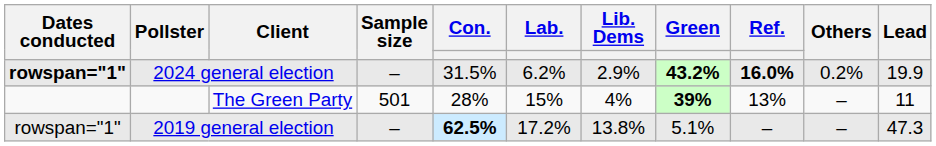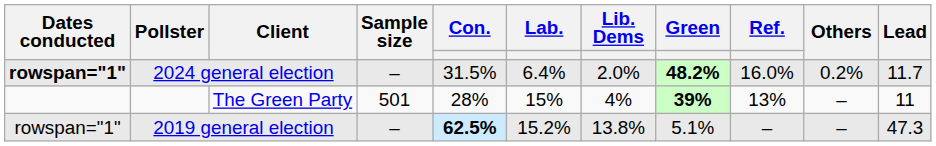 <table class="wikitable sortable mw-datatable" style="text-align:center; font-size:90%; line-height:14px;">
 <tr>
 <th rowspan="2">Dates<br>conducted</th>
 <th rowspan="2">Pollster</th>
 <th rowspan="2">Client</th>
 <th rowspan="2" data-sort-type="number">Sample<br>size</th>
 <th class="unsortable" style="width:50px;"><a href='#'>Con.</a></th>
 <th class="unsortable" style="width:50px;"><a href='#'>Lab.</a></th>
 <th class="unsortable" style="width:50px;"><a href='#'>Lib. Dems</a></th>
 <th class="unsortable" style="width:50px;"><a href='#'>Green</a></th>
 <th class="unsortable" style="width:50px;"><a href='#'>Ref.</a></th>
 <th rowspan="2" class="unsortable" style="width:50px;">Others</th>
 <th rowspan="2" data-sort-type="number">Lead</th>
 </tr>
 <tr>
 <th data-sort-type="number" style="background:"></th>
 <th data-sort-type="number" style="background:"></th>
 <th data-sort-type="number" style="background:"></th>
 <th data-sort-type="number" style="background:"></th>
 <th data-sort-type="number" style="background:"></th>
 </tr>
 <tr style="background:#e9e9e9;">
 <td><strong>rowspan="1" </strong></td>
 <td colspan="2" rowspan="1"><a href='#'>2024 general election</a></td>
 <td>–</td>
 <td>31.5%</td>
-<td>6.2%</td>
-<td>2.9%</td>
-<td style="background:#CCFFC6;"><strong>43.2%</strong></td>
-<td><strong>16.0%</strong></td>
+<td>6.4%</td>
+<td>2.0%</td>
+<td style="background:#CCFFC6;"><strong>48.2%</strong></td>
+<td>16.0%</td>
 <td>0.2%</td>
-<td style="background:">19.9</td>
+<td style="background:">11.7</td>
 </tr>
 <tr>
 <td></td>
 <td></td>
 <td><a href='#'>The Green Party</a></td>
 <td>501</td>
 <td>28%</td>
 <td>15%</td>
 <td>4%</td>
 <td style="background:#CCFFC6;"><strong>39%</strong></td>
 <td>13%</td>
 <td>–</td>
 <td style="background:">11</td>
 </tr>
 <tr style="background:#e9e9e9;">
 <td>rowspan="1" </td>
 <td colspan="2" rowspan="1"><a href='#'>2019 general election</a></td>
 <td>–</td>
 <td style="background:#CCEBFF;"><strong>62.5%</strong></td>
-<td>17.2%</td>
+<td>15.2%</td>
 <td>13.8%</td>
 <td>5.1%</td>
 <td>–</td>
 <td>–</td>
 <td style="background:">47.3</td>
 </tr>
 </table>
